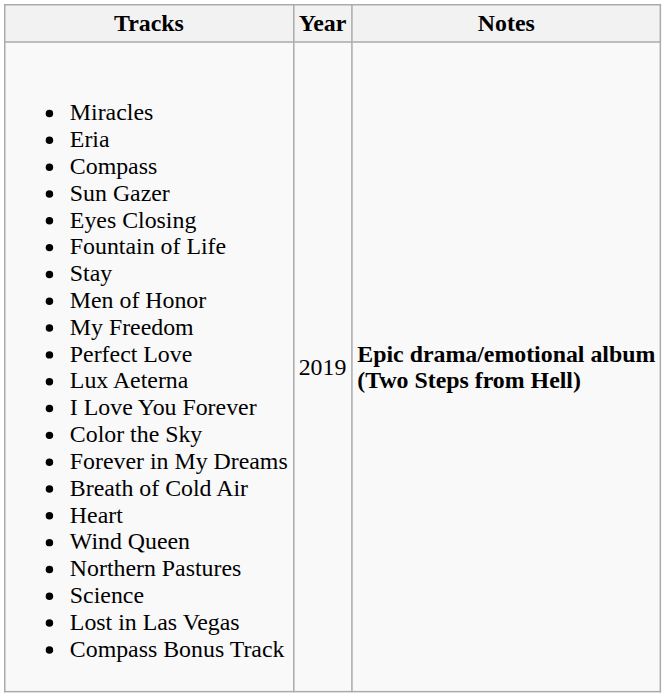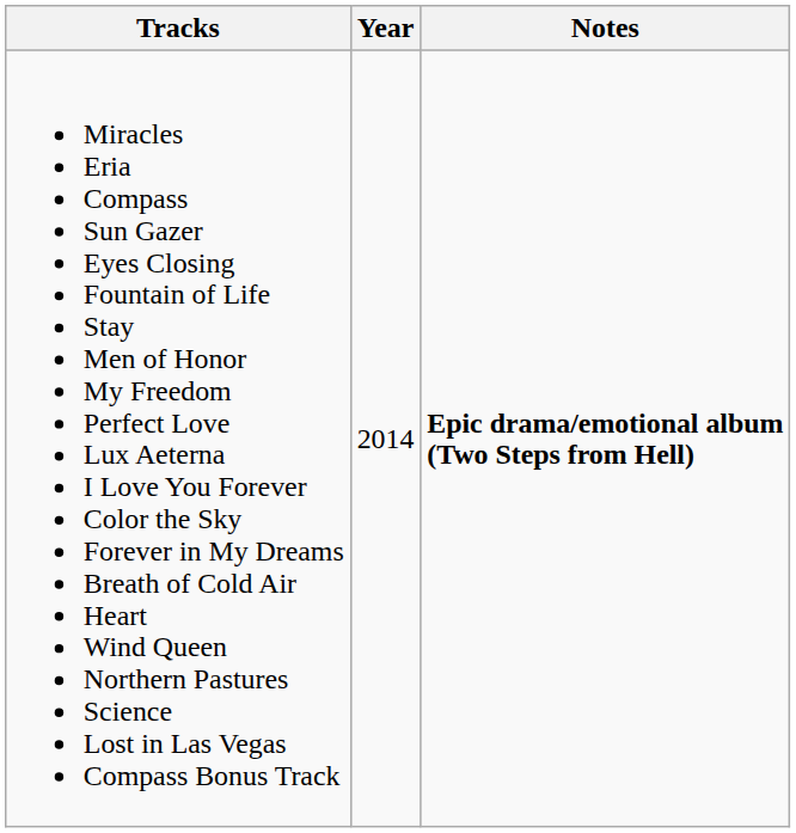 <table class="wikitable sortable">
 <tr>
 <th>Tracks</th>
 <th>Year</th>
 <th>Notes</th>
 </tr>
 <tr>
 <td><br><ul><li>Miracles</li><li>Eria</li><li>Compass</li><li>Sun Gazer</li><li>Eyes Closing</li><li>Fountain of Life</li><li>Stay</li><li>Men of Honor</li><li>My Freedom</li><li>Perfect Love</li><li>Lux Aeterna</li><li>I Love You Forever</li><li>Color the Sky</li><li>Forever in My Dreams</li><li>Breath of Cold Air</li><li>Heart</li><li>Wind Queen</li><li>Northern Pastures</li><li>Science</li><li>Lost in Las Vegas</li><li>Compass Bonus Track</li></ul></td>
-<td>2019</td>
+<td>2014</td>
 <td><strong>Epic drama/emotional album<br>(Two Steps from Hell)</strong></td>
 </tr>
 </table>
